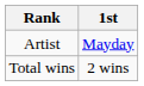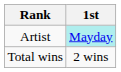 <table class="wikitable">
 <tr>
 <th>Rank</th>
 <th>1st</th>
 </tr>
 <tr align="center">
 <td>Artist</td>
-<td><a href='#'>Mayday</a></td>
+<td style="background: paleturquoise;"><a href='#'>Mayday</a></td>
 </tr>
 <tr align="center">
 <td>Total wins</td>
 <td>2 wins</td>
 </tr>
 </table>
